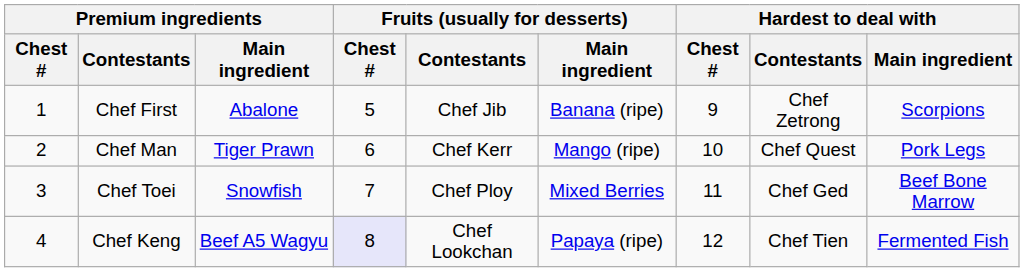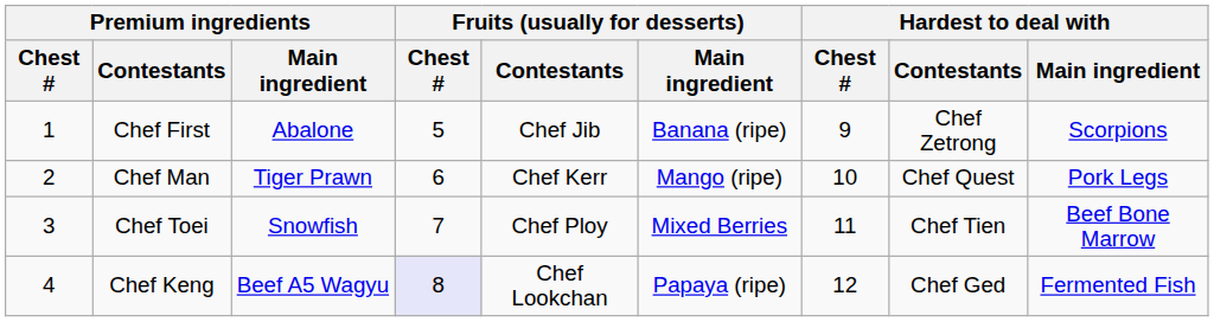 <table class="wikitable" style="text-align:center">
 <tr>
 <th colspan="3"><strong>Premium ingredients</strong></th>
 <th colspan="3"><strong>Fruits (usually for desserts)</strong></th>
 <th colspan="3"><strong>Hardest to deal with</strong></th>
 </tr>
 <tr>
 <th>Chest #</th>
 <th>Contestants</th>
 <th>Main ingredient</th>
 <th>Chest #</th>
 <th>Contestants</th>
 <th>Main ingredient</th>
 <th>Chest #</th>
 <th>Contestants</th>
 <th>Main ingredient</th>
 </tr>
 <tr>
 <td>1</td>
 <td>Chef First</td>
 <td><a href='#'>Abalone</a></td>
 <td>5</td>
 <td>Chef Jib</td>
 <td><a href='#'>Banana</a> (ripe)</td>
 <td>9</td>
 <td>Chef Zetrong</td>
 <td><a href='#'>Scorpions</a></td>
 </tr>
 <tr>
 <td>2</td>
 <td>Chef Man</td>
 <td><a href='#'>Tiger Prawn</a></td>
 <td>6</td>
 <td>Chef Kerr</td>
 <td><a href='#'>Mango</a> (ripe)</td>
 <td>10</td>
 <td>Chef Quest</td>
 <td><a href='#'>Pork Legs</a></td>
 </tr>
 <tr>
 <td>3</td>
 <td>Chef Toei</td>
 <td><a href='#'>Snowfish</a></td>
 <td>7</td>
 <td>Chef Ploy</td>
 <td><a href='#'>Mixed Berries</a></td>
 <td>11</td>
-<td>Chef Ged</td>
+<td>Chef Tien</td>
 <td><a href='#'>Beef Bone Marrow</a></td>
 </tr>
 <tr>
 <td>4</td>
 <td>Chef Keng</td>
 <td><a href='#'>Beef A5 Wagyu</a></td>
 <td style="background: lavender;">8</td>
 <td>Chef Lookchan</td>
 <td><a href='#'>Papaya</a> (ripe)</td>
 <td>12</td>
-<td>Chef Tien</td>
+<td>Chef Ged</td>
 <td><a href='#'>Fermented Fish</a></td>
 </tr>
 </table>
